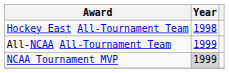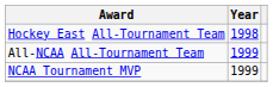 <table class="wikitable">
 <tr>
 <th>Award</th>
 <th>Year</th>
 <th></th>
 </tr>
 <tr>
 <td><a href='#'>Hockey East</a> <a href='#'>All-Tournament Team</a></td>
 <td><a href='#'>1998</a></td>
 <td></td>
 </tr>
 <tr>
 <td>All-<a href='#'>NCAA</a> <a href='#'>All-Tournament Team</a></td>
 <td><a href='#'>1999</a></td>
 <td></td>
 </tr>
 <tr>
 <td><a href='#'>NCAA Tournament MVP</a></td>
-<td style="background: lightgrey;">1999</td>
+<td>1999</td>
 <td></td>
 </tr>
 <tr>
 </tr>
 </table>
